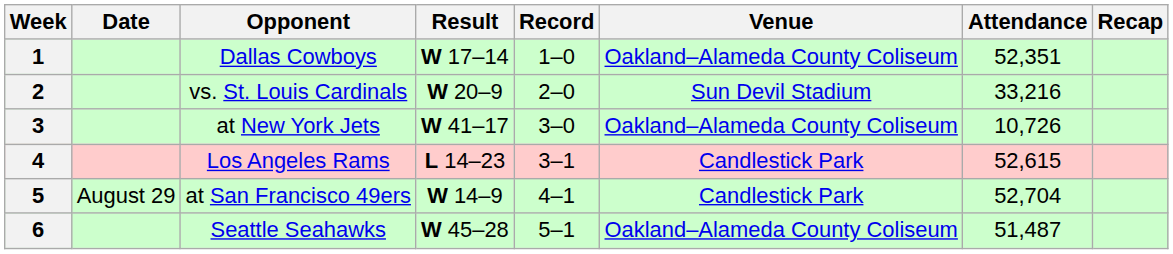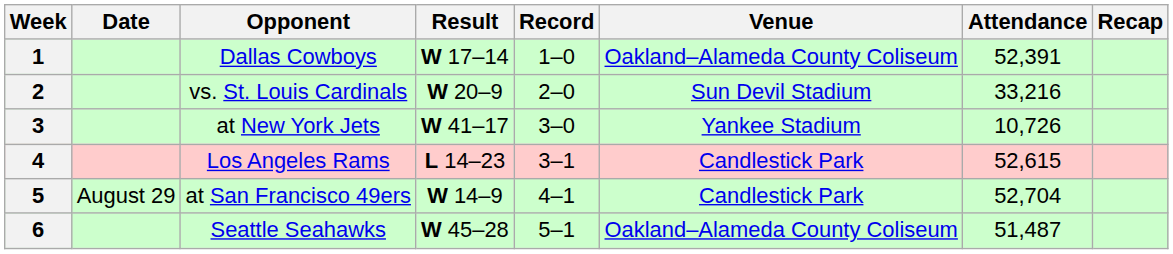 <table class="wikitable" style="text-align:center">
 <tr>
 <th>Week</th>
 <th>Date</th>
 <th>Opponent</th>
 <th>Result</th>
 <th>Record</th>
 <th>Venue</th>
 <th>Attendance</th>
 <th>Recap</th>
 </tr>
 <tr style="background: #cfc;">
 <th>1</th>
 <td></td>
 <td><a href='#'>Dallas Cowboys</a></td>
 <td><strong>W</strong> 17–14</td>
 <td>1–0</td>
 <td><a href='#'>Oakland–Alameda County Coliseum</a></td>
-<td>52,351</td>
+<td>52,391</td>
 <td></td>
 </tr>
 <tr style="background: #cfc;">
 <th>2</th>
 <td></td>
 <td>vs. <a href='#'>St. Louis Cardinals</a></td>
 <td><strong>W</strong> 20–9</td>
 <td>2–0</td>
 <td><a href='#'>Sun Devil Stadium</a> </td>
 <td>33,216</td>
 <td></td>
 </tr>
 <tr style="background: #cfc;">
 <th>3</th>
 <td></td>
 <td>at <a href='#'>New York Jets</a></td>
 <td><strong>W</strong> 41–17</td>
 <td>3–0</td>
-<td><a href='#'>Oakland–Alameda County Coliseum</a></td>
+<td><a href='#'>Yankee Stadium</a></td>
 <td>10,726</td>
 <td></td>
 </tr>
 <tr style="background: #fcc;">
 <th>4</th>
 <td></td>
 <td><a href='#'>Los Angeles Rams</a></td>
 <td><strong>L</strong> 14–23</td>
 <td>3–1</td>
 <td><a href='#'>Candlestick Park</a></td>
 <td>52,615</td>
 <td></td>
 </tr>
 <tr style="background: #cfc;">
 <th>5</th>
 <td>August 29</td>
 <td>at <a href='#'>San Francisco 49ers</a></td>
 <td><strong>W</strong> 14–9</td>
 <td>4–1</td>
 <td><a href='#'>Candlestick Park</a></td>
 <td>52,704</td>
 <td></td>
 </tr>
 <tr style="background: #cfc;">
 <th>6</th>
 <td></td>
 <td><a href='#'>Seattle Seahawks</a></td>
 <td><strong>W</strong> 45–28</td>
 <td>5–1</td>
 <td><a href='#'>Oakland–Alameda County Coliseum</a></td>
 <td>51,487</td>
 <td></td>
 </tr>
 </table>
